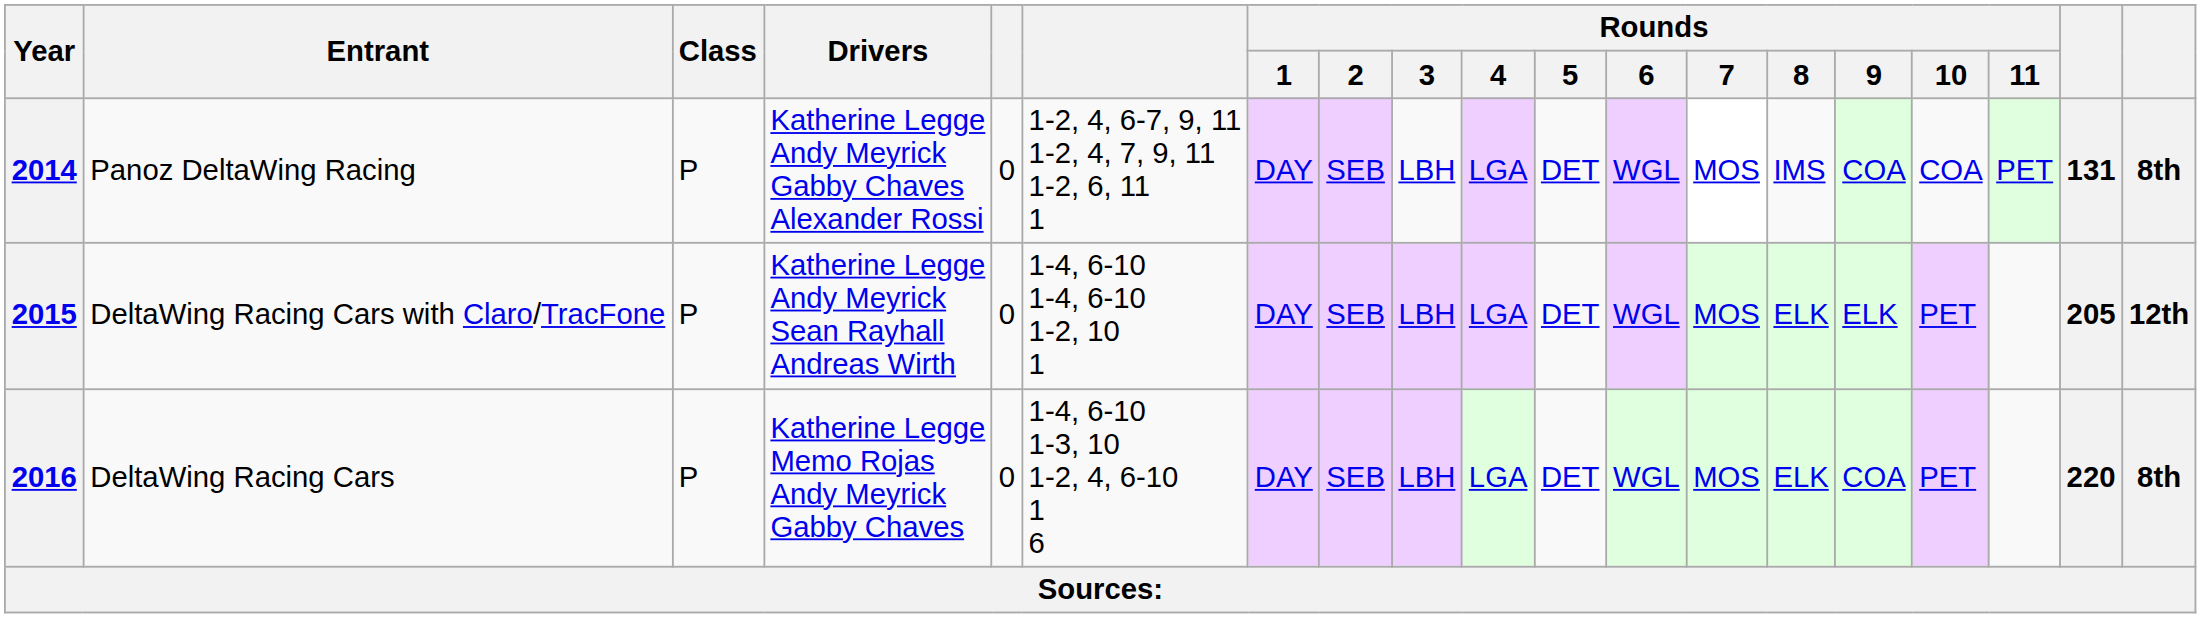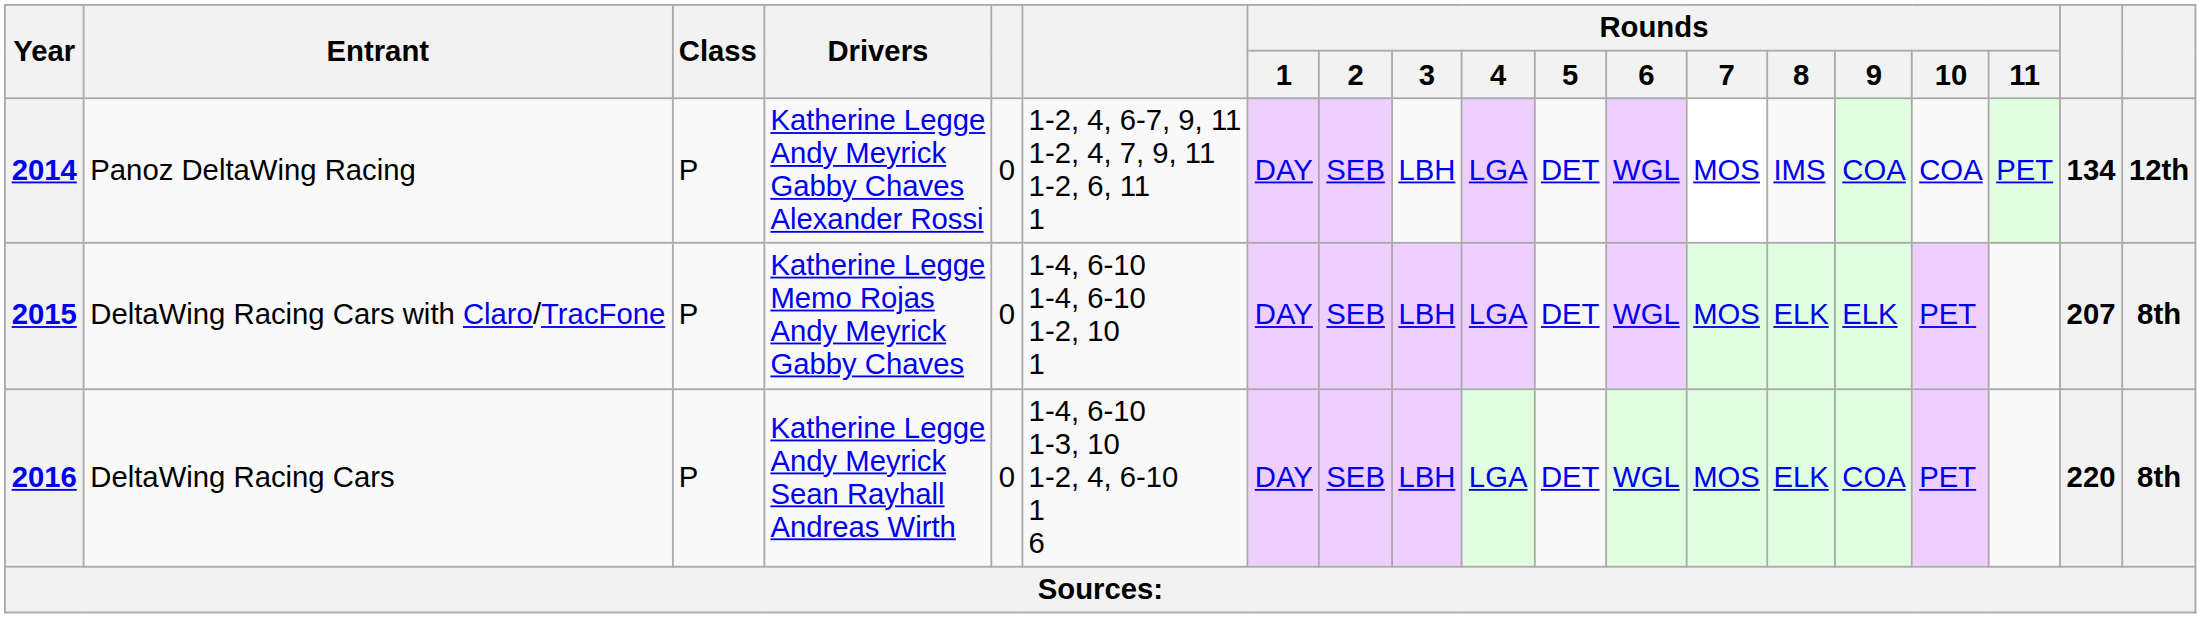 <table class="wikitable">
 <tr>
 <th rowspan="2">Year</th>
 <th rowspan="2">Entrant</th>
 <th rowspan="2">Class</th>
 <th rowspan="2">Drivers</th>
 <th rowspan="2"></th>
 <th rowspan="2"></th>
 <th colspan="11">Rounds</th>
 <th rowspan="2"></th>
 <th rowspan="2"></th>
 </tr>
 <tr>
 <th>1</th>
 <th>2</th>
 <th>3</th>
 <th>4</th>
 <th>5</th>
 <th>6</th>
 <th>7</th>
 <th>8</th>
 <th>9</th>
 <th>10</th>
 <th>11</th>
 </tr>
 <tr>
 <th><a href='#'>2014</a></th>
 <td> Panoz DeltaWing Racing</td>
 <td>P</td>
 <td> <a href='#'>Katherine Legge</a><br> <a href='#'>Andy Meyrick</a><br> <a href='#'>Gabby Chaves</a><br> <a href='#'>Alexander Rossi</a></td>
 <td>0</td>
 <td>1-2, 4, 6-7, 9, 11<br>1-2, 4, 7, 9, 11<br>1-2, 6, 11<br>1</td>
 <td style="background:#EFCFFF;"><a href='#'>DAY</a><br></td>
 <td style="background:#EFCFFF;"><a href='#'>SEB</a><br></td>
 <td><a href='#'>LBH</a></td>
 <td style="background:#EFCFFF;"><a href='#'>LGA</a><br></td>
 <td><a href='#'>DET</a></td>
 <td style="background:#EFCFFF;"><a href='#'>WGL</a><br></td>
 <td style="background:#FFFFFF;"><a href='#'>MOS</a><br></td>
 <td><a href='#'>IMS</a></td>
 <td style="background:#DFFFDF;"><a href='#'>COA</a><br></td>
 <td><a href='#'>COA</a></td>
 <td style="background:#DFFFDF;"><a href='#'>PET</a><br></td>
-<th>131</th>
-<th>8th</th>
+<th>134</th>
+<th>12th</th>
 </tr>
 <tr>
 <th><a href='#'>2015</a></th>
 <td> DeltaWing Racing Cars with <a href='#'>Claro</a>/<a href='#'>TracFone</a></td>
 <td>P</td>
-<td> <a href='#'>Katherine Legge</a><br> <a href='#'>Andy Meyrick</a><br> <a href='#'>Sean Rayhall</a><br> <a href='#'>Andreas Wirth</a></td>
+<td> <a href='#'>Katherine Legge</a><br> <a href='#'>Memo Rojas</a><br> <a href='#'>Andy Meyrick</a><br> <a href='#'>Gabby Chaves</a></td>
 <td>0</td>
 <td>1-4, 6-10<br>1-4, 6-10<br>1-2, 10<br>1</td>
 <td style="background:#EFCFFF;"><a href='#'>DAY</a><br></td>
 <td style="background:#EFCFFF;"><a href='#'>SEB</a><br></td>
 <td style="background:#EFCFFF;"><a href='#'>LBH</a><br></td>
 <td style="background:#EFCFFF;"><a href='#'>LGA</a><br></td>
 <td><a href='#'>DET</a></td>
 <td style="background:#EFCFFF;"><a href='#'>WGL</a><br></td>
 <td style="background:#DFFFDF;"><a href='#'>MOS</a><br></td>
 <td style="background:#DFFFDF;"><a href='#'>ELK</a><br></td>
 <td style="background:#DFFFDF;"><a href='#'>ELK</a><br></td>
 <td style="background:#EFCFFF;"><a href='#'>PET</a><br></td>
 <td></td>
-<th>205</th>
-<th>12th</th>
+<th>207</th>
+<th>8th</th>
 </tr>
 <tr>
 <th><a href='#'>2016</a></th>
 <td> DeltaWing Racing Cars</td>
 <td>P</td>
-<td> <a href='#'>Katherine Legge</a><br> <a href='#'>Memo Rojas</a><br> <a href='#'>Andy Meyrick</a><br> <a href='#'>Gabby Chaves</a></td>
+<td> <a href='#'>Katherine Legge</a><br> <a href='#'>Andy Meyrick</a><br> <a href='#'>Sean Rayhall</a><br> <a href='#'>Andreas Wirth</a></td>
 <td>0</td>
 <td>1-4, 6-10<br>1-3, 10<br>1-2, 4, 6-10<br>1<br>6</td>
 <td style="background:#EFCFFF;"><a href='#'>DAY</a><br></td>
 <td style="background:#EFCFFF;"><a href='#'>SEB</a><br></td>
 <td style="background:#EFCFFF;"><a href='#'>LBH</a><br></td>
 <td style="background:#DFFFDF;"><a href='#'>LGA</a><br></td>
 <td><a href='#'>DET</a></td>
 <td style="background:#DFFFDF;"><a href='#'>WGL</a><br></td>
 <td style="background:#DFFFDF;"><a href='#'>MOS</a><br></td>
 <td style="background:#DFFFDF;"><a href='#'>ELK</a><br></td>
 <td style="background:#DFFFDF;"><a href='#'>COA</a><br></td>
 <td style="background:#EFCFFF;"><a href='#'>PET</a><br></td>
 <td></td>
 <th>220</th>
 <th>8th</th>
 </tr>
 <tr>
 <th colspan="19">Sources:</th>
 </tr>
 </table>
